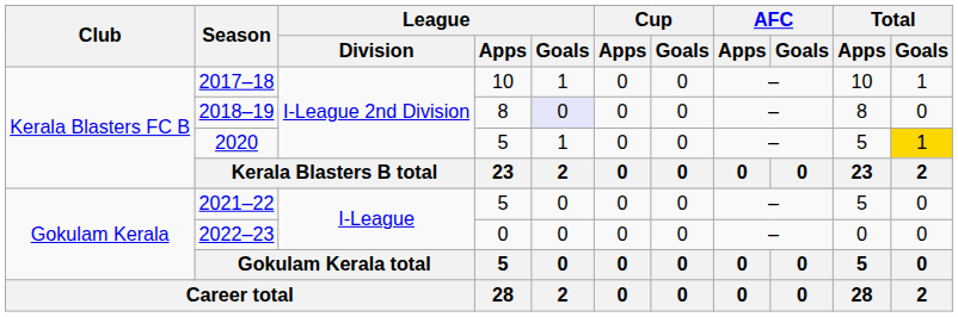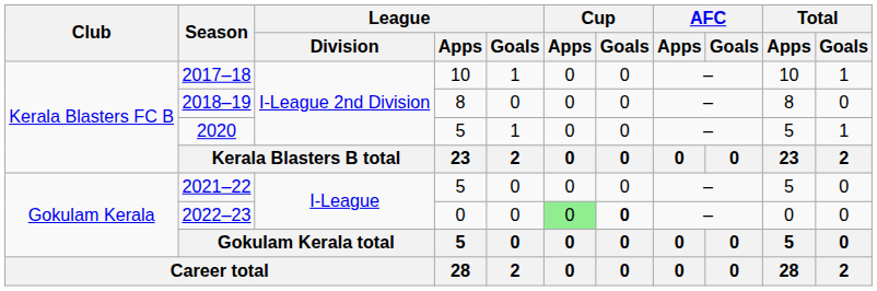 <table class="wikitable" style="text-align: center;">
 <tr>
 <th rowspan="2">Club</th>
 <th rowspan="2">Season</th>
 <th colspan="3">League</th>
 <th colspan="2">Cup</th>
 <th colspan="2"><a href='#'>AFC</a></th>
 <th colspan="2">Total</th>
 </tr>
 <tr>
 <th>Division</th>
 <th>Apps</th>
 <th>Goals</th>
 <th>Apps</th>
 <th>Goals</th>
 <th>Apps</th>
 <th>Goals</th>
 <th>Apps</th>
 <th>Goals</th>
 </tr>
 <tr>
 <td rowspan="4"><a href='#'>Kerala Blasters FC B</a></td>
 <td><a href='#'>2017–18</a></td>
 <td rowspan="3"><a href='#'>I-League 2nd Division</a></td>
 <td>10</td>
 <td>1</td>
 <td>0</td>
 <td>0</td>
 <td colspan="2">–</td>
 <td>10</td>
 <td>1</td>
 </tr>
 <tr>
 <td><a href='#'>2018–19</a></td>
 <td>8</td>
-<td style="background: lavender;">0</td>
+<td>0</td>
 <td>0</td>
 <td>0</td>
 <td colspan="2">–</td>
 <td>8</td>
 <td>0</td>
 </tr>
 <tr>
 <td><a href='#'>2020</a></td>
 <td>5</td>
 <td>1</td>
 <td>0</td>
 <td>0</td>
 <td colspan="2">–</td>
 <td>5</td>
-<td style="background: gold;">1</td>
+<td>1</td>
 </tr>
 <tr>
 <th colspan="2">Kerala Blasters B total</th>
 <th>23</th>
 <th>2</th>
 <th>0</th>
 <th>0</th>
 <th>0</th>
 <th>0</th>
 <th>23</th>
 <th>2</th>
 </tr>
 <tr>
 <td rowspan="3"><a href='#'>Gokulam Kerala</a></td>
 <td><a href='#'>2021–22</a></td>
 <td rowspan="2"><a href='#'>I-League</a></td>
 <td>5</td>
 <td>0</td>
 <td>0</td>
 <td>0</td>
 <td colspan="2">–</td>
 <td>5</td>
 <td>0</td>
 </tr>
 <tr>
 <td><a href='#'>2022–23</a></td>
 <td>0</td>
 <td>0</td>
-<td>0</td>
-<td>0</td>
+<td style="background: lightgreen;">0</td>
+<td><strong>0</strong></td>
 <td colspan="2">–</td>
 <td>0</td>
 <td>0</td>
 </tr>
 <tr>
 <th colspan="2">Gokulam Kerala total</th>
 <th>5</th>
 <th>0</th>
 <th>0</th>
 <th>0</th>
 <th>0</th>
 <th>0</th>
 <th>5</th>
 <th>0</th>
 </tr>
 <tr>
 <th colspan="3">Career total</th>
 <th>28</th>
 <th>2</th>
 <th>0</th>
 <th>0</th>
 <th>0</th>
 <th>0</th>
 <th>28</th>
 <th>2</th>
 </tr>
 </table>
